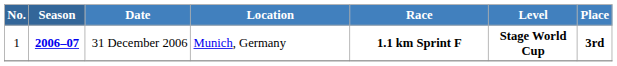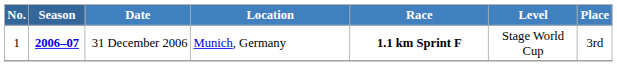 <table class="wikitable sortable" style="font-size:95%; text-align:center; border:grey solid 1px; border-collapse:collapse; background:#ffffff;">
 <tr style="background:#efefef;">
 <th style="background-color:#369; color:white;">No.</th>
 <th style="background-color:#369; color:white;">Season</th>
 <th style="background-color:#4180be; color:white; width:120px;">Date</th>
 <th style="background-color:#4180be; color:white; width:185px;">Location</th>
 <th style="background-color:#4180be; color:white; width:160px;">Race</th>
 <th style="background-color:#4180be; color:white; width:100px;">Level</th>
 <th style="background-color:#4180be; color:white;">Place</th>
 </tr>
 <tr>
 <td align=center>1</td>
 <td rowspan=1 align=center><strong> <a href='#'>2006–07</a> </strong></td>
 <td align=right>31 December 2006</td>
 <td align=left> <a href='#'>Munich</a>, Germany</td>
 <td><strong>1.1 km Sprint F</strong></td>
-<td><strong>Stage World Cup</strong></td>
-<td><strong>3rd</strong></td>
+<td>Stage World Cup</td>
+<td>3rd</td>
 </tr>
 <tr>
 </tr>
 </table>
